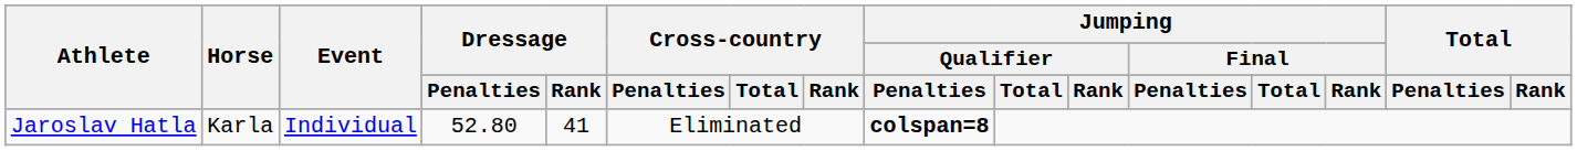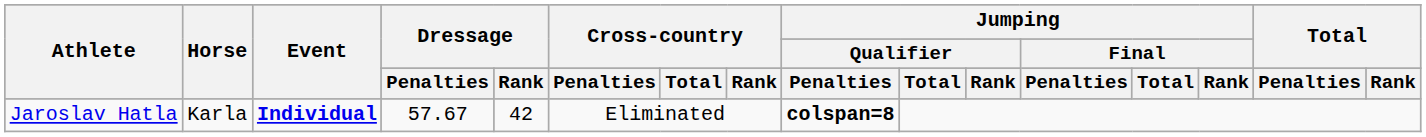 <table class=wikitable style="font-size:90%">
 <tr>
 <th rowspan="3">Athlete</th>
 <th rowspan="3">Horse</th>
 <th rowspan="3">Event</th>
 <th colspan="2" rowspan="2">Dressage</th>
 <th colspan="3" rowspan="2">Cross-country</th>
 <th colspan="6">Jumping</th>
 <th colspan="2" rowspan="2">Total</th>
 </tr>
 <tr style="font-size:95%">
 <th colspan="3">Qualifier</th>
 <th colspan="3">Final</th>
 </tr>
 <tr style="font-size:95%">
 <th>Penalties</th>
 <th>Rank</th>
 <th>Penalties</th>
 <th>Total</th>
 <th>Rank</th>
 <th>Penalties</th>
 <th>Total</th>
 <th>Rank</th>
 <th>Penalties</th>
 <th>Total</th>
 <th>Rank</th>
 <th>Penalties</th>
 <th>Rank</th>
 </tr>
 <tr align=center>
 <td align=left><a href='#'>Jaroslav Hatla</a></td>
 <td align=left>Karla</td>
-<td align=left><a href='#'>Individual</a></td>
-<td>52.80</td>
-<td>41</td>
+<td align=left><strong><a href='#'>Individual</a></strong></td>
+<td>57.67</td>
+<td>42</td>
 <td colspan=3>Eliminated</td>
 <td><strong>colspan=8 </strong></td>
 </tr>
 </table>
